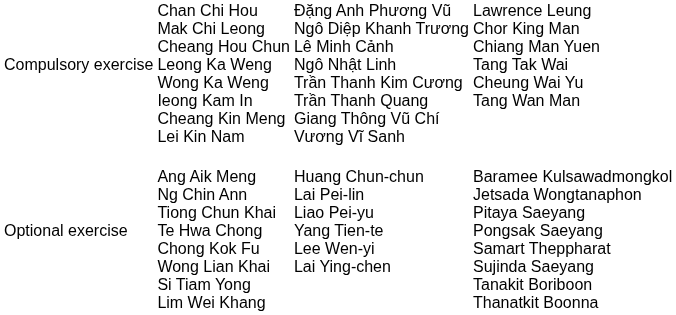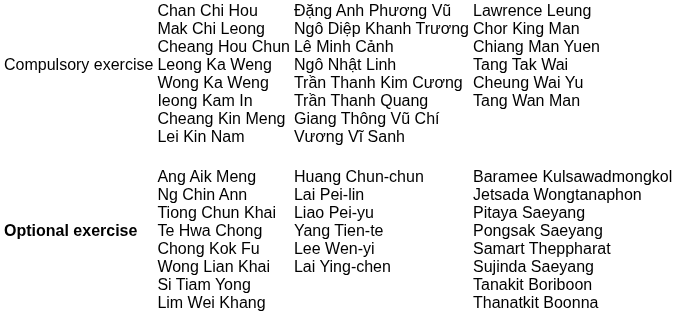 <table>
 <tr>
 <td>Compulsory exercise</td>
 <td><br>Chan Chi Hou<br>Mak Chi Leong<br>Cheang Hou Chun<br>Leong Ka Weng<br>Wong Ka Weng<br>Ieong Kam In<br>Cheang Kin Meng<br>Lei Kin Nam</td>
 <td><br>Đặng Anh Phương Vũ<br>Ngô Diệp Khanh Trương<br>Lê Minh Cảnh<br>Ngô Nhật Linh<br>Trần Thanh Kim Cương<br>Trần Thanh Quang<br>Giang Thông Vũ Chí<br>Vương Vĩ Sanh</td>
 <td valign=top><br>Lawrence Leung<br>Chor King Man<br>Chiang Man Yuen<br>Tang Tak Wai<br>Cheung Wai Yu<br>Tang Wan Man</td>
 </tr>
 <tr>
-<td>Optional exercise</td>
+<td><strong>Optional exercise</strong></td>
 <td><br>Ang Aik Meng<br>Ng Chin Ann<br>Tiong Chun Khai<br>Te Hwa Chong<br>Chong Kok Fu<br>Wong Lian Khai<br>Si Tiam Yong<br>Lim Wei Khang</td>
 <td valign=top><br>Huang Chun-chun<br>Lai Pei-lin<br>Liao Pei-yu<br>Yang Tien-te<br>Lee Wen-yi<br>Lai Ying-chen</td>
 <td><br>Baramee Kulsawadmongkol<br>Jetsada Wongtanaphon<br>Pitaya Saeyang<br>Pongsak Saeyang<br>Samart Theppharat<br>Sujinda Saeyang<br>Tanakit Boriboon<br>Thanatkit Boonna</td>
 </tr>
 </table>
